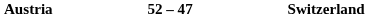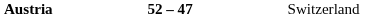 <table width=75% cellspacing=1>
 <tr>
 <th width=25%></th>
 <th width=25%></th>
 <th width=25%></th>
 </tr>
 <tr style=font-size:90%>
 <td align=right><strong>Austria</strong></td>
 <td align=center><strong>52 – 47</strong></td>
-<td><strong>Switzerland</strong></td>
+<td>Switzerland</td>
 </tr>
 </table>
